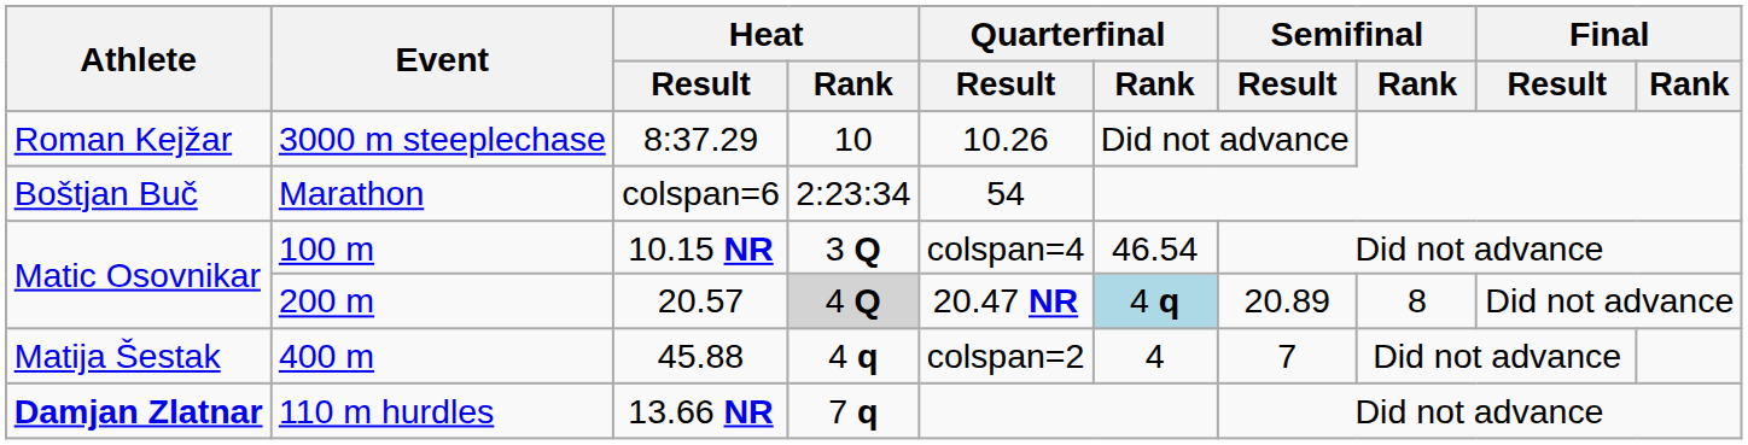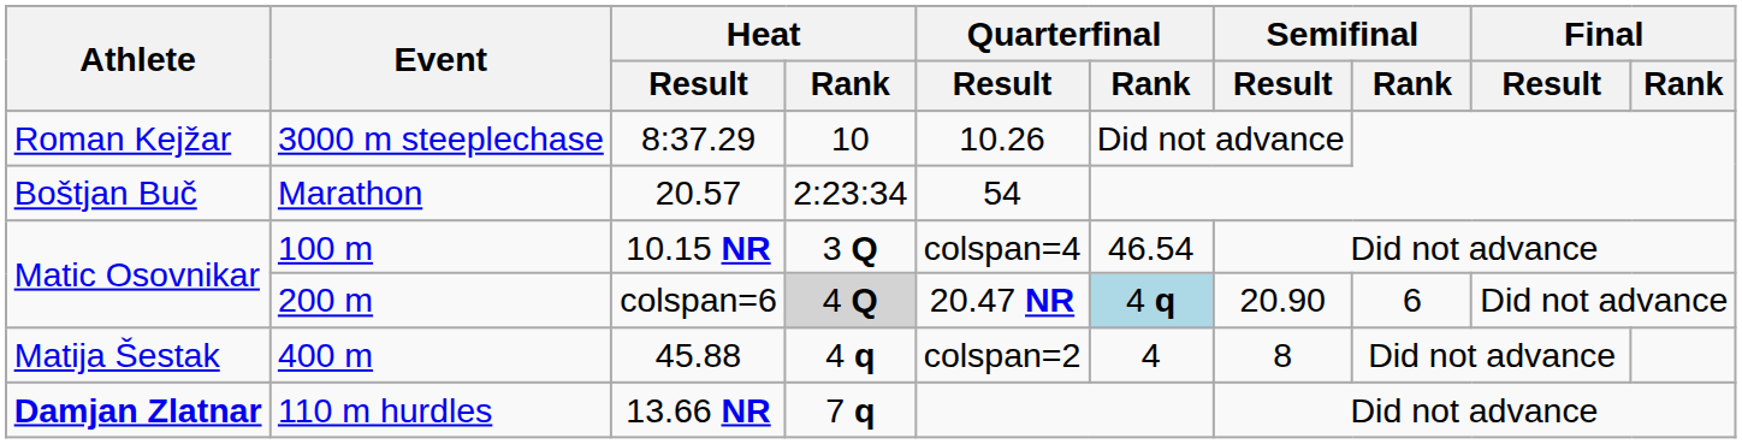 <table class=wikitable style="font-size:90%">
 <tr>
 <th rowspan="2">Athlete</th>
 <th rowspan="2">Event</th>
 <th colspan="2">Heat</th>
 <th colspan="2">Quarterfinal</th>
 <th colspan="2">Semifinal</th>
 <th colspan="2">Final</th>
 </tr>
 <tr style="font-size:95%">
 <th>Result</th>
 <th>Rank</th>
 <th>Result</th>
 <th>Rank</th>
 <th>Result</th>
 <th>Rank</th>
 <th>Result</th>
 <th>Rank</th>
 </tr>
 <tr align=center>
 <td align=left><a href='#'>Roman Kejžar</a></td>
 <td align=left><a href='#'>3000 m steeplechase</a></td>
 <td>8:37.29</td>
 <td>10</td>
 <td>10.26</td>
 <td colspan=2>Did not advance</td>
 </tr>
 <tr align=center>
 <td align=left><a href='#'>Boštjan Buč</a></td>
 <td align=left><a href='#'>Marathon</a></td>
-<td>colspan=6 </td>
+<td>20.57</td>
 <td>2:23:34</td>
 <td>54</td>
 </tr>
 <tr align=center>
 <td align=left rowspan=2><a href='#'>Matic Osovnikar</a></td>
 <td align=left><a href='#'>100 m</a></td>
 <td>10.15 <strong><a href='#'>NR</a></strong></td>
 <td>3 <strong>Q</strong></td>
 <td>colspan=4 </td>
 <td>46.54</td>
 <td colspan=4>Did not advance</td>
 </tr>
 <tr align=center>
 <td align=left><a href='#'>200 m</a></td>
-<td>20.57</td>
+<td>colspan=6 </td>
 <td style="background: lightgrey;">4 <strong>Q</strong></td>
 <td>20.47 <strong><a href='#'>NR</a></strong></td>
 <td style="background: lightblue;">4 <strong>q</strong></td>
-<td>20.89</td>
-<td>8</td>
+<td>20.90</td>
+<td>6</td>
 <td colspan=2>Did not advance</td>
 </tr>
 <tr align=center>
 <td align=left><a href='#'>Matija Šestak</a></td>
 <td align=left><a href='#'>400 m</a></td>
 <td>45.88</td>
 <td>4 <strong>q</strong></td>
 <td>colspan=2 </td>
 <td>4</td>
-<td>7</td>
+<td>8</td>
 <td colspan=2>Did not advance</td>
 </tr>
 <tr align=center>
 <td align=left><strong><a href='#'>Damjan Zlatnar</a></strong></td>
 <td align=left rowspan=2><a href='#'>110 m hurdles</a></td>
 <td>13.66 <strong><a href='#'>NR</a></strong></td>
 <td>7 <strong>q</strong></td>
 <td colspan=2></td>
 <td colspan=4>Did not advance</td>
 </tr>
 </table>
